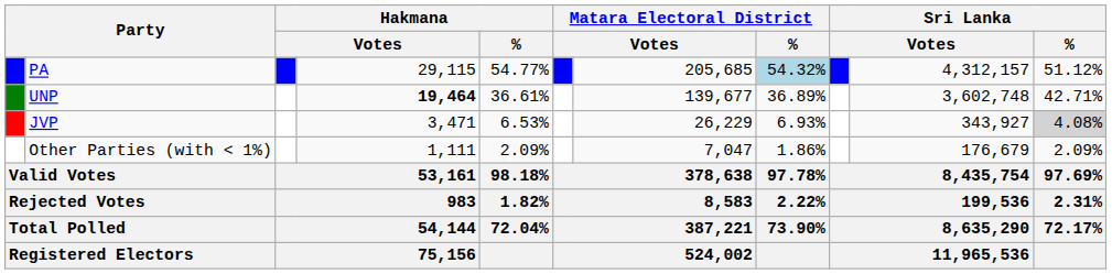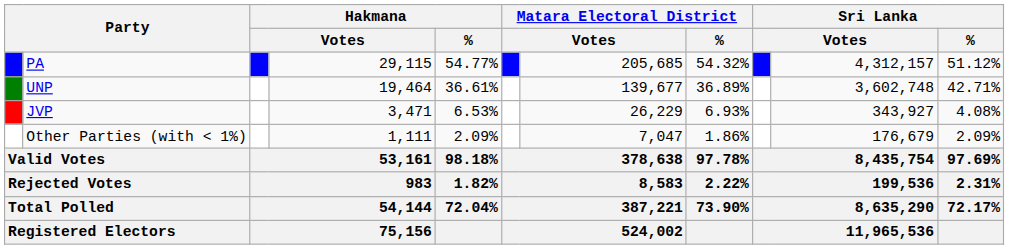 <table class="wikitable">
 <tr>
 <th colspan="2" width="144px"rowspan="2">Party</th>
 <th colspan="3" width="216px">Hakmana</th>
 <th colspan="3" width="216px"><a href='#'>Matara Electoral District</a></th>
 <th colspan="3" width="216px">Sri Lanka</th>
 </tr>
 <tr>
 <th colspan="2" width="144px">Votes</th>
 <th>%</th>
 <th colspan="2" width="144px">Votes</th>
 <th>%</th>
 <th colspan="2" width="144px">Votes</th>
 <th>%</th>
 </tr>
 <tr>
 <td style="background-color:blue;" width="10px"></td>
 <td style="text-align:left;"><a href='#'>PA</a></td>
 <td style="background-color:blue;" width="10px"></td>
 <td style="text-align:right;">29,115</td>
 <td style="text-align:right;">54.77%</td>
 <td style="background-color:blue;" width="10px"></td>
 <td style="text-align:right;">205,685</td>
-<td style="background: lightblue; text-align:right;">54.32%</td>
+<td style="text-align:right;">54.32%</td>
 <td style="background-color:blue;" width="10px"></td>
 <td style="text-align:right;">4,312,157</td>
 <td style="text-align:right;">51.12%</td>
 </tr>
 <tr>
 <td style="background-color:green;" width="10px"></td>
 <td style="text-align:left;"><a href='#'>UNP</a></td>
 <td style="background-color:white;" width="10px"></td>
-<td style="text-align:right;"><strong>19,464</strong></td>
+<td style="text-align:right;">19,464</td>
 <td style="text-align:right;">36.61%</td>
 <td style="background-color:white;" width="10px"></td>
 <td style="text-align:right;">139,677</td>
 <td style="text-align:right;">36.89%</td>
 <td style="background-color:white;" width="10px"></td>
 <td style="text-align:right;">3,602,748</td>
 <td style="text-align:right;">42.71%</td>
 </tr>
 <tr>
 <td style="background-color:red;" width="10px"></td>
 <td style="text-align:left;"><a href='#'>JVP</a></td>
 <td style="background-color:white;" width="10px"></td>
 <td style="text-align:right;">3,471</td>
 <td style="text-align:right;">6.53%</td>
 <td style="background-color:white;" width="10px"></td>
 <td style="text-align:right;">26,229</td>
 <td style="text-align:right;">6.93%</td>
 <td style="background-color:white;" width="10px"></td>
 <td style="text-align:right;">343,927</td>
-<td style="background: lightgrey; text-align:right;">4.08%</td>
+<td style="text-align:right;">4.08%</td>
 </tr>
 <tr>
 <td style="background-color:white;" width="10px"></td>
 <td style="text-align:left;">Other Parties (with < 1%)</td>
 <td style="background-color:white;" width="10px"></td>
 <td style="text-align:right;">1,111</td>
 <td style="text-align:right;">2.09%</td>
 <td style="background-color:white;" width="10px"></td>
 <td style="text-align:right;">7,047</td>
 <td style="text-align:right;">1.86%</td>
 <td style="background-color:white;" width="10px"></td>
 <td style="text-align:right;">176,679</td>
 <td style="text-align:right;">2.09%</td>
 </tr>
 <tr>
 <th colspan="2" width="144px"style="text-align:left;">Valid Votes</th>
 <th style="text-align:right;"colspan="2" width="144px">53,161</th>
 <th style="text-align:right;">98.18%</th>
 <th style="text-align:right;"colspan="2" width="144px">378,638</th>
 <th style="text-align:right;">97.78%</th>
 <th style="text-align:right;"colspan="2" width="144px">8,435,754</th>
 <th style="text-align:right;">97.69%</th>
 </tr>
 <tr>
 <th colspan="2" width="144px"style="text-align:left;">Rejected Votes</th>
 <th style="text-align:right;"colspan="2" width="144px">983</th>
 <th style="text-align:right;">1.82%</th>
 <th style="text-align:right;"colspan="2" width="144px">8,583</th>
 <th style="text-align:right;">2.22%</th>
 <th style="text-align:right;"colspan="2" width="144px">199,536</th>
 <th style="text-align:right;">2.31%</th>
 </tr>
 <tr>
 <th colspan="2" width="144px"style="text-align:left;">Total Polled</th>
 <th style="text-align:right;"colspan="2" width="144px">54,144</th>
 <th style="text-align:right;">72.04%</th>
 <th style="text-align:right;"colspan="2" width="144px">387,221</th>
 <th style="text-align:right;">73.90%</th>
 <th style="text-align:right;"colspan="2" width="144px">8,635,290</th>
 <th style="text-align:right;">72.17%</th>
 </tr>
 <tr>
 <th colspan="2" width="144px"style="text-align:left;">Registered Electors</th>
 <th style="text-align:right;"colspan="2" width="144px">75,156</th>
 <th></th>
 <th style="text-align:right;"colspan="2" width="144px">524,002</th>
 <th></th>
 <th style="text-align:right;"colspan="2" width="144px">11,965,536</th>
 <th></th>
 </tr>
 </table>
